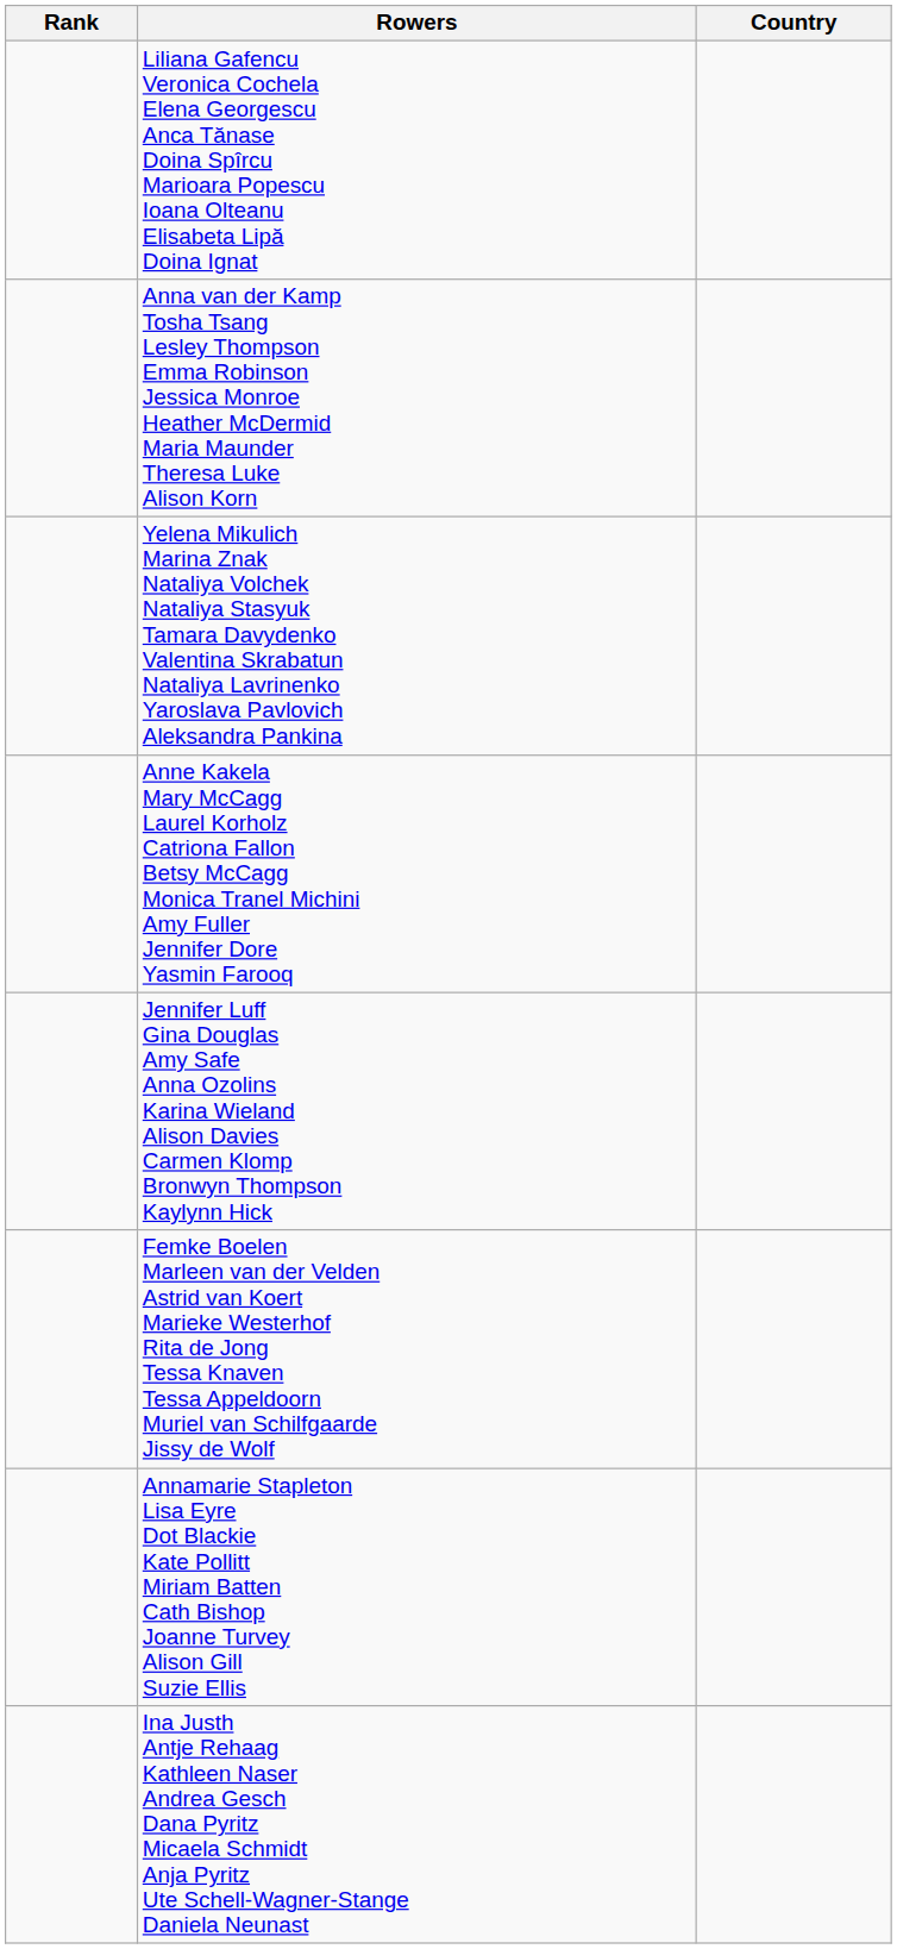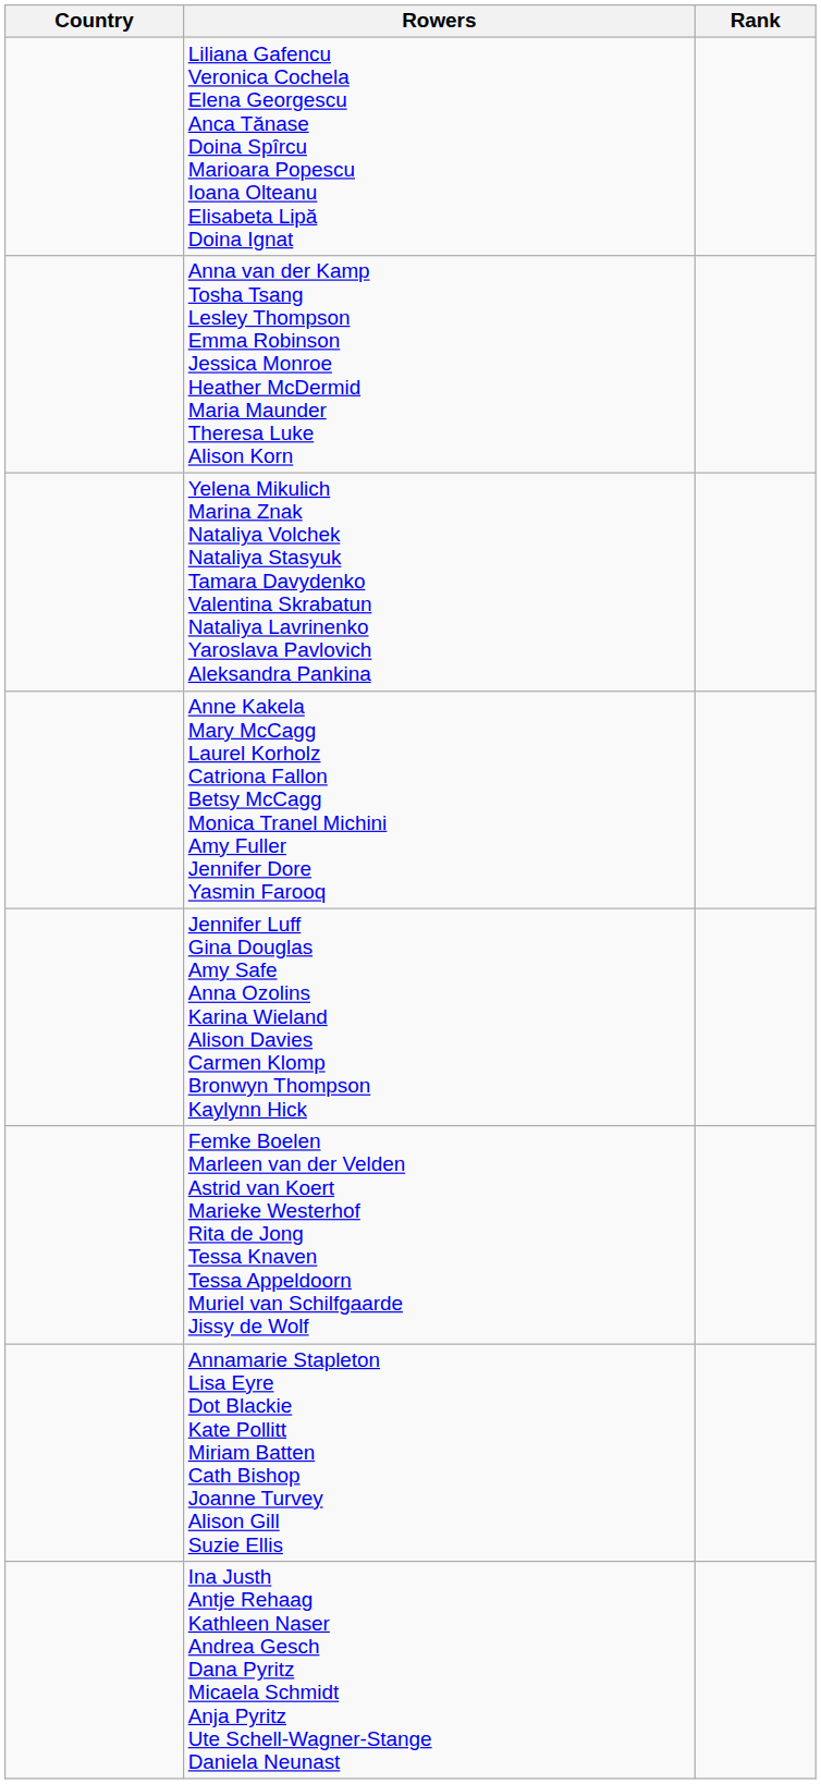 <table class="wikitable" width=50%>
 <tr>
+<th>Country</th>
+<th>Rowers</th>
 <th>Rank</th>
-<th>Rowers</th>
-<th>Country</th>
 </tr>
 <tr>
 <td></td>
 <td><a href='#'>Liliana Gafencu</a><br><a href='#'>Veronica Cochela</a><br><a href='#'>Elena Georgescu</a><br><a href='#'>Anca Tănase</a><br><a href='#'>Doina Spîrcu</a><br><a href='#'>Marioara Popescu</a><br><a href='#'>Ioana Olteanu</a><br><a href='#'>Elisabeta Lipă</a><br><a href='#'>Doina Ignat</a></td>
 <td></td>
 </tr>
 <tr>
 <td></td>
 <td><a href='#'>Anna van der Kamp</a><br><a href='#'>Tosha Tsang</a><br><a href='#'>Lesley Thompson</a><br><a href='#'>Emma Robinson</a><br><a href='#'>Jessica Monroe</a><br><a href='#'>Heather McDermid</a><br><a href='#'>Maria Maunder</a><br><a href='#'>Theresa Luke</a><br><a href='#'>Alison Korn</a></td>
 <td></td>
 </tr>
 <tr>
 <td></td>
 <td><a href='#'>Yelena Mikulich</a><br><a href='#'>Marina Znak</a><br><a href='#'>Nataliya Volchek</a><br><a href='#'>Nataliya Stasyuk</a><br><a href='#'>Tamara Davydenko</a><br><a href='#'>Valentina Skrabatun</a><br><a href='#'>Nataliya Lavrinenko</a><br><a href='#'>Yaroslava Pavlovich</a><br><a href='#'>Aleksandra Pankina</a></td>
 <td></td>
 </tr>
 <tr>
 <td></td>
 <td><a href='#'>Anne Kakela</a><br><a href='#'>Mary McCagg</a><br><a href='#'>Laurel Korholz</a><br><a href='#'>Catriona Fallon</a><br><a href='#'>Betsy McCagg</a><br><a href='#'>Monica Tranel Michini</a><br><a href='#'>Amy Fuller</a><br><a href='#'>Jennifer Dore</a><br><a href='#'>Yasmin Farooq</a></td>
 <td></td>
 </tr>
 <tr>
 <td></td>
 <td><a href='#'>Jennifer Luff</a><br><a href='#'>Gina Douglas</a><br><a href='#'>Amy Safe</a><br><a href='#'>Anna Ozolins</a><br><a href='#'>Karina Wieland</a><br><a href='#'>Alison Davies</a><br><a href='#'>Carmen Klomp</a><br><a href='#'>Bronwyn Thompson</a><br><a href='#'>Kaylynn Hick</a></td>
 <td></td>
 </tr>
 <tr>
 <td></td>
 <td><a href='#'>Femke Boelen</a><br><a href='#'>Marleen van der Velden</a><br><a href='#'>Astrid van Koert</a><br><a href='#'>Marieke Westerhof</a><br><a href='#'>Rita de Jong</a><br><a href='#'>Tessa Knaven</a><br><a href='#'>Tessa Appeldoorn</a><br><a href='#'>Muriel van Schilfgaarde</a><br><a href='#'>Jissy de Wolf</a></td>
 <td></td>
 </tr>
 <tr>
 <td></td>
 <td><a href='#'>Annamarie Stapleton</a><br><a href='#'>Lisa Eyre</a><br><a href='#'>Dot Blackie</a><br><a href='#'>Kate Pollitt</a><br><a href='#'>Miriam Batten</a><br><a href='#'>Cath Bishop</a><br><a href='#'>Joanne Turvey</a><br><a href='#'>Alison Gill</a><br><a href='#'>Suzie Ellis</a></td>
 <td></td>
 </tr>
 <tr>
 <td></td>
 <td><a href='#'>Ina Justh</a><br><a href='#'>Antje Rehaag</a><br><a href='#'>Kathleen Naser</a><br><a href='#'>Andrea Gesch</a><br><a href='#'>Dana Pyritz</a><br><a href='#'>Micaela Schmidt</a><br><a href='#'>Anja Pyritz</a><br><a href='#'>Ute Schell-Wagner-Stange</a><br><a href='#'>Daniela Neunast</a></td>
 <td></td>
 </tr>
 </table>
